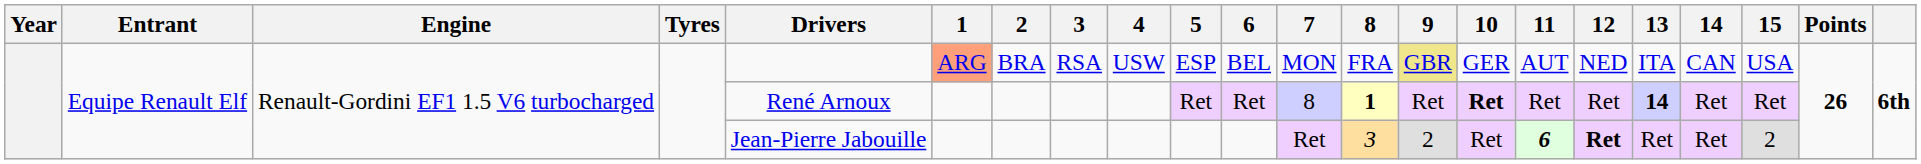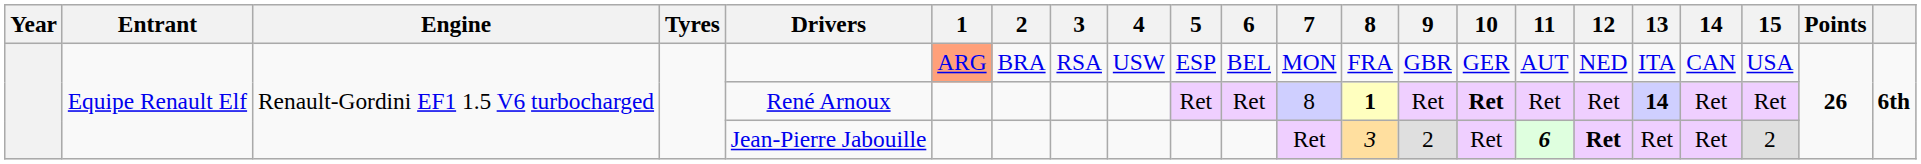 <table class="wikitable" style="text-align:center; font-size:95%">
 <tr>
 <th>Year</th>
 <th>Entrant</th>
 <th>Engine</th>
 <th>Tyres</th>
 <th>Drivers</th>
 <th>1</th>
 <th>2</th>
 <th>3</th>
 <th>4</th>
 <th>5</th>
 <th>6</th>
 <th>7</th>
 <th>8</th>
 <th>9</th>
 <th>10</th>
 <th>11</th>
 <th>12</th>
 <th>13</th>
 <th>14</th>
 <th>15</th>
 <th>Points</th>
 <th></th>
 </tr>
 <tr>
 <th rowspan="3"></th>
 <td rowspan="3"><a href='#'>Equipe Renault Elf</a></td>
 <td rowspan="3">Renault-Gordini <a href='#'>EF1</a> 1.5 <a href='#'>V6</a> <a href='#'>turbocharged</a></td>
 <td rowspan="3"></td>
 <td></td>
 <td style="background: lightsalmon;"><a href='#'>ARG</a></td>
 <td><a href='#'>BRA</a></td>
 <td><a href='#'>RSA</a></td>
 <td><a href='#'>USW</a></td>
 <td><a href='#'>ESP</a></td>
 <td><a href='#'>BEL</a></td>
 <td><a href='#'>MON</a></td>
 <td><a href='#'>FRA</a></td>
-<td style="background: khaki;"><a href='#'>GBR</a></td>
+<td><a href='#'>GBR</a></td>
 <td><a href='#'>GER</a></td>
 <td><a href='#'>AUT</a></td>
 <td><a href='#'>NED</a></td>
 <td><a href='#'>ITA</a></td>
 <td><a href='#'>CAN</a></td>
 <td><a href='#'>USA</a></td>
 <td rowspan="3"><strong>26</strong></td>
 <td rowspan="3"><strong>6th</strong></td>
 </tr>
 <tr>
 <td> <a href='#'>René Arnoux</a></td>
 <td></td>
 <td></td>
 <td></td>
 <td></td>
 <td style="background:#EFCFFF;">Ret</td>
 <td style="background:#EFCFFF;">Ret</td>
 <td style="background:#CFCFFF;">8</td>
 <td style="background:#FFFFBF;"><strong>1</strong></td>
 <td style="background:#EFCFFF;">Ret</td>
 <td style="background:#EFCFFF;"><strong>Ret</strong></td>
 <td style="background:#EFCFFF;">Ret</td>
 <td style="background:#EFCFFF;">Ret</td>
 <td style="background:#CFCFFF;"><strong>14</strong></td>
 <td style="background:#EFCFFF;">Ret</td>
 <td style="background:#EFCFFF;">Ret</td>
 </tr>
 <tr>
 <td> <a href='#'>Jean-Pierre Jabouille</a></td>
 <td></td>
 <td></td>
 <td></td>
 <td></td>
 <td></td>
 <td></td>
 <td style="background:#EFCFFF;">Ret</td>
 <td style="background:#FFDF9F;"><em>3</em></td>
 <td style="background:#DFDFDF;">2</td>
 <td style="background:#EFCFFF;">Ret</td>
 <td style="background:#DFFFDF;"><strong><em>6</em></strong></td>
 <td style="background:#EFCFFF;"><strong>Ret</strong></td>
 <td style="background:#EFCFFF;">Ret</td>
 <td style="background:#EFCFFF;">Ret</td>
 <td style="background:#DFDFDF;">2</td>
 </tr>
 </table>
